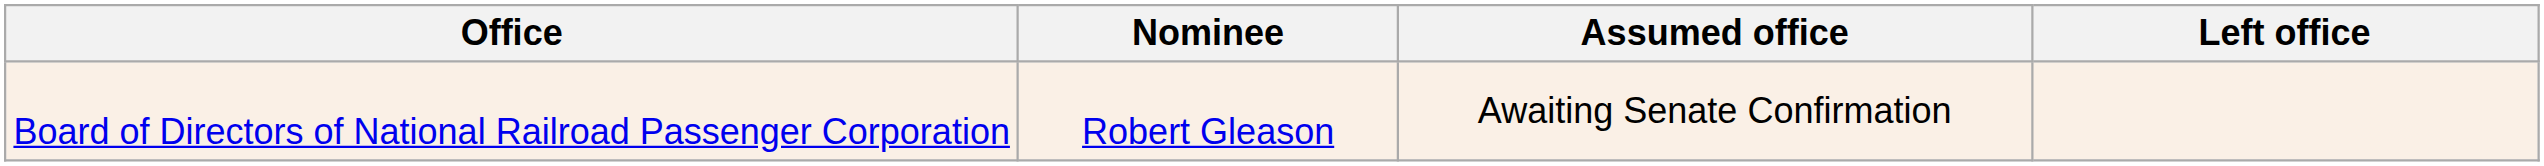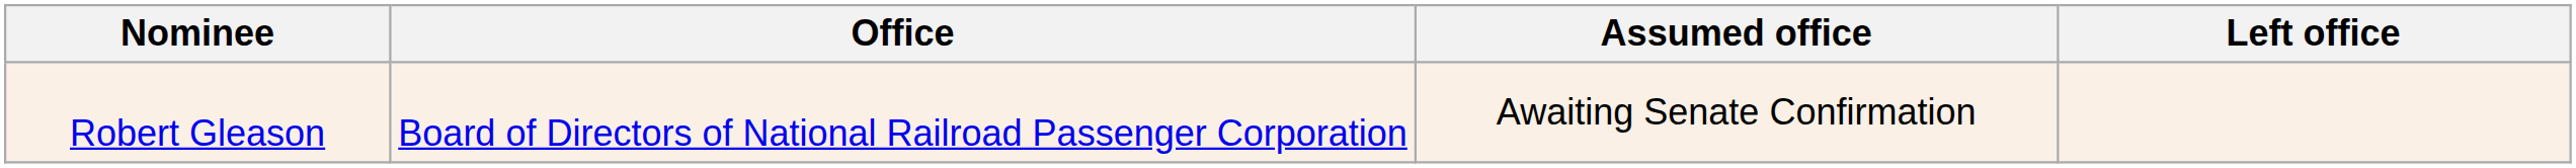 <table class="wikitable sortable" style="text-align:center">
 <tr>
+<th style="width:15%;">Nominee</th>
 <th style="width:40%;">Office</th>
-<th style="width:15%;">Nominee</th>
 <th style="width:25%;" data-sort- type="date">Assumed office</th>
 <th style="width:20%;" data-sort- type="date">Left office</th>
 </tr>
 <tr style="background:linen">
+<td><br><a href='#'>Robert Gleason</a></td>
 <td><br><a href='#'>Board of Directors of National Railroad Passenger Corporation</a></td>
-<td><br><a href='#'>Robert Gleason</a></td>
 <td>Awaiting Senate Confirmation</td>
 <td></td>
 </tr>
 </table>
